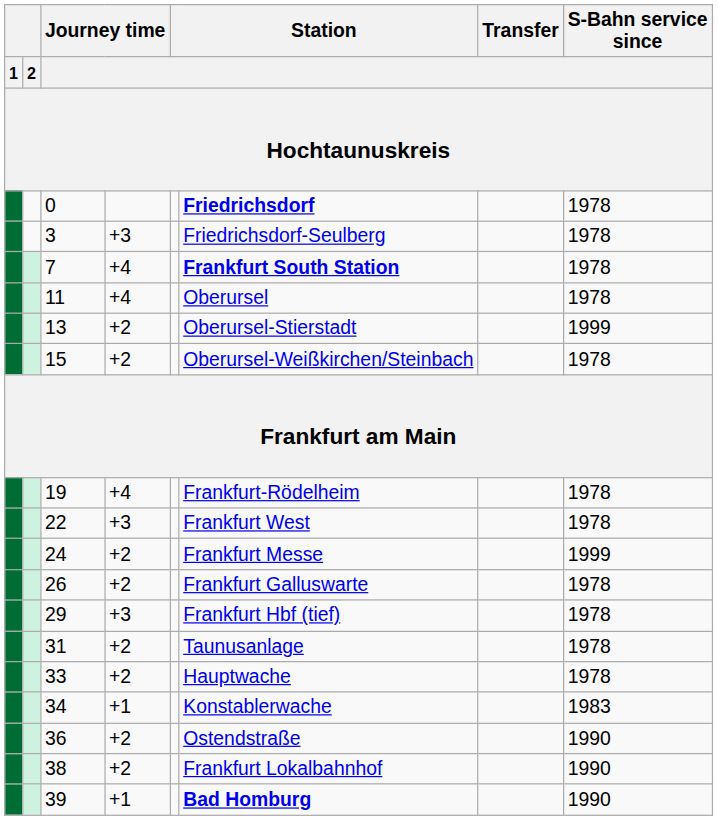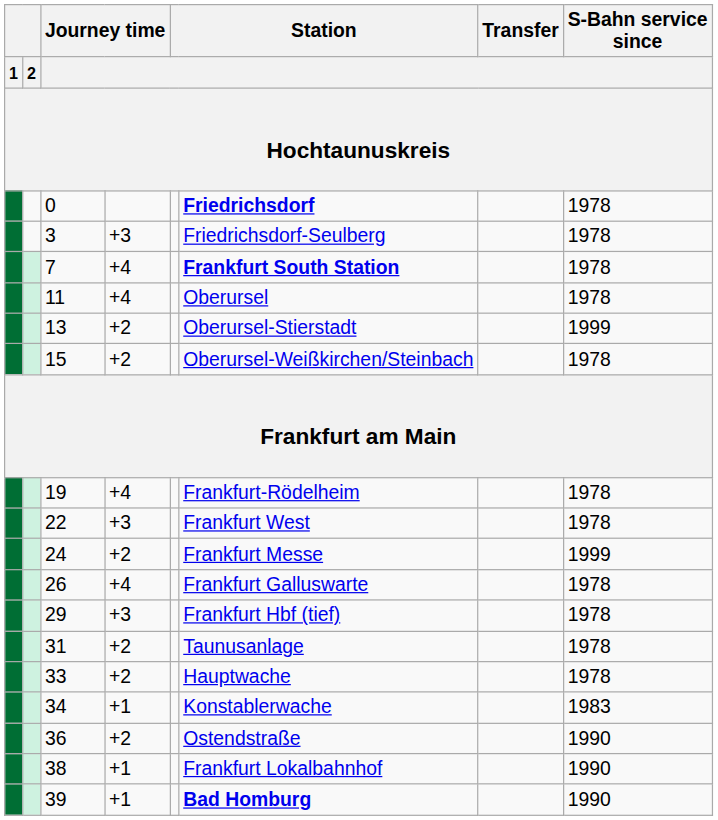 <table class="wikitable" summary="Stations of the S5 service">
 <tr>
 <th colspan="2" align="center" scope="col"></th>
 <th colspan="2">Journey time</th>
 <th colspan="2" scope="col">Station</th>
 <th scope="col">Transfer</th>
 <th scope="col">S-Bahn service<br>since</th>
 </tr>
 <tr>
 <th><small>1</small></th>
 <th><small>2</small></th>
 <th colspan="6"></th>
 </tr>
 <tr>
 <th colspan="13" align="center" class="hintergrundfarbe5"><br><h3>Hochtaunuskreis</h3></th>
 </tr>
 <tr>
 <td style="background-color:#006e34"></td>
 <td></td>
 <td>0</td>
 <td></td>
 <td></td>
 <td><strong><a href='#'>Friedrichsdorf</a></strong></td>
 <td></td>
 <td>1978</td>
 </tr>
 <tr>
 <td style="background-color:#006e34"></td>
 <td></td>
 <td>3</td>
 <td>+3</td>
 <td></td>
 <td><a href='#'>Friedrichsdorf-Seulberg</a></td>
 <td></td>
 <td>1978</td>
 </tr>
 <tr>
 <td style="background-color:#006e34"></td>
 <td style="background-color:#cef2e0"></td>
 <td>7</td>
 <td>+4</td>
 <td></td>
 <td><strong><a href='#'>Frankfurt South Station</a></strong></td>
 <td></td>
 <td>1978</td>
 </tr>
 <tr>
 <td style="background-color:#006e34"></td>
 <td style="background-color:#cef2e0"></td>
 <td>11</td>
 <td>+4</td>
 <td></td>
 <td><a href='#'>Oberursel</a></td>
 <td></td>
 <td>1978</td>
 </tr>
 <tr>
 <td style="background-color:#006e34"></td>
 <td style="background-color:#cef2e0"></td>
 <td>13</td>
 <td>+2</td>
 <td></td>
 <td><a href='#'>Oberursel-Stierstadt</a></td>
 <td></td>
 <td>1999</td>
 </tr>
 <tr>
 <td style="background-color:#006e34"></td>
 <td style="background-color:#cef2e0"></td>
 <td>15</td>
 <td>+2</td>
 <td></td>
 <td><a href='#'>Oberursel-Weißkirchen/Steinbach</a></td>
 <td></td>
 <td>1978</td>
 </tr>
 <tr>
 <th colspan="13" align="center" class="hintergrundfarbe5"><br><h3>Frankfurt am Main</h3></th>
 </tr>
 <tr>
 <td style="background-color:#006e34"></td>
 <td style="background-color:#cef2e0"></td>
 <td>19</td>
 <td>+4</td>
 <td></td>
 <td><a href='#'>Frankfurt-Rödelheim</a></td>
 <td> </td>
 <td>1978</td>
 </tr>
 <tr>
 <td style="background-color:#006e34"></td>
 <td style="background-color:#cef2e0"></td>
 <td>22</td>
 <td>+3</td>
 <td></td>
 <td><a href='#'>Frankfurt West</a></td>
 <td>  </td>
 <td>1978</td>
 </tr>
 <tr>
 <td style="background-color:#006e34"></td>
 <td style="background-color:#cef2e0"></td>
 <td>24</td>
 <td>+2</td>
 <td></td>
 <td><a href='#'>Frankfurt Messe</a></td>
 <td>  </td>
 <td>1999</td>
 </tr>
 <tr>
 <td style="background-color:#006e34"></td>
 <td style="background-color:#cef2e0"></td>
 <td>26</td>
-<td>+2</td>
+<td>+4</td>
 <td></td>
 <td><a href='#'>Frankfurt Galluswarte</a></td>
 <td>  </td>
 <td>1978</td>
 </tr>
 <tr>
 <td style="background-color:#006e34"></td>
 <td style="background-color:#cef2e0"></td>
 <td>29</td>
 <td>+3</td>
 <td></td>
 <td><a href='#'>Frankfurt Hbf (tief)</a></td>
 <td>         </td>
 <td>1978</td>
 </tr>
 <tr>
 <td style="background-color:#006e34"></td>
 <td style="background-color:#cef2e0"></td>
 <td>31</td>
 <td>+2</td>
 <td></td>
 <td><a href='#'>Taunusanlage</a></td>
 <td>      </td>
 <td>1978</td>
 </tr>
 <tr>
 <td style="background-color:#006e34"></td>
 <td style="background-color:#cef2e0"></td>
 <td>33</td>
 <td>+2</td>
 <td></td>
 <td><a href='#'>Hauptwache</a></td>
 <td>            </td>
 <td>1978</td>
 </tr>
 <tr>
 <td style="background-color:#006e34"></td>
 <td style="background-color:#cef2e0"></td>
 <td>34</td>
 <td>+1</td>
 <td></td>
 <td><a href='#'>Konstablerwache</a></td>
 <td>          </td>
 <td>1983</td>
 </tr>
 <tr>
 <td style="background-color:#006e34"></td>
 <td style="background-color:#cef2e0"></td>
 <td>36</td>
 <td>+2</td>
 <td></td>
 <td><a href='#'>Ostendstraße</a></td>
 <td>      </td>
 <td>1990</td>
 </tr>
 <tr>
 <td style="background-color:#006e34"></td>
 <td style="background-color:#cef2e0"></td>
 <td>38</td>
-<td>+2</td>
+<td>+1</td>
 <td></td>
 <td><a href='#'>Frankfurt Lokalbahnhof</a></td>
 <td>  </td>
 <td>1990</td>
 </tr>
 <tr>
 <td style="background-color:#006e34"></td>
 <td style="background-color:#cef2e0"></td>
 <td>39</td>
 <td>+1</td>
 <td></td>
 <td><strong><a href='#'>Bad Homburg</a></strong></td>
 <td>      </td>
 <td>1990</td>
 </tr>
 </table>
